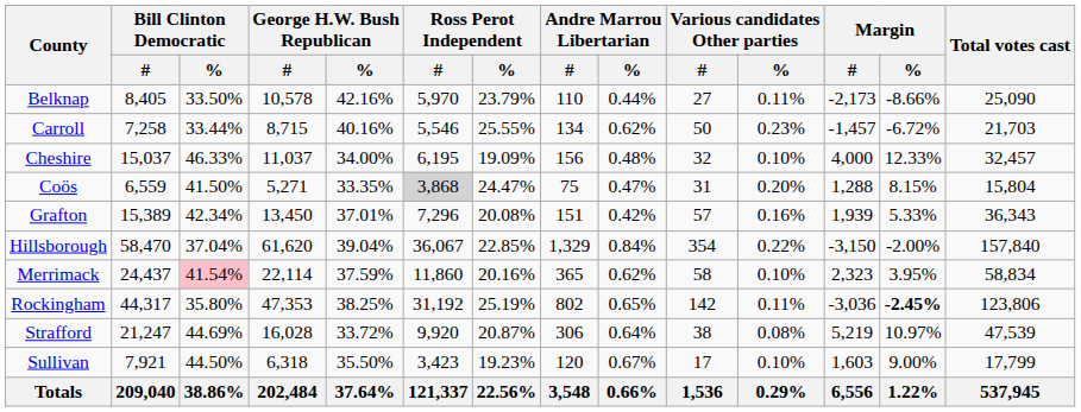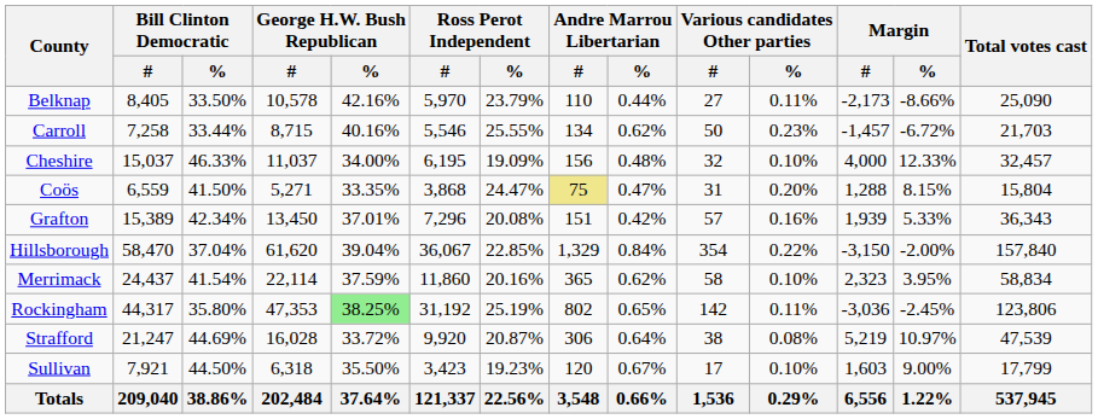 <table class="wikitable sortable">
 <tr>
 <th rowspan="2">County</th>
 <th colspan="2">Bill Clinton<br>Democratic</th>
 <th colspan="2">George H.W. Bush<br>Republican</th>
 <th colspan="2">Ross Perot<br>Independent</th>
 <th colspan="2">Andre Marrou<br>Libertarian</th>
 <th colspan="2">Various candidates<br>Other parties</th>
 <th colspan="2">Margin</th>
 <th rowspan="2">Total votes cast</th>
 </tr>
 <tr bgcolor="lightgrey">
 <th data-sort-type="number">#</th>
 <th data-sort-type="number">%</th>
 <th data-sort-type="number">#</th>
 <th data-sort-type="number">%</th>
 <th data-sort-type="number">#</th>
 <th data-sort-type="number">%</th>
 <th data-sort-type="number">#</th>
 <th data-sort-type="number">%</th>
 <th data-sort-type="number">#</th>
 <th data-sort-type="number">%</th>
 <th data-sort-type="number">#</th>
 <th data-sort-type="number">%</th>
 </tr>
 <tr style="text-align:center;">
 <td><a href='#'>Belknap</a></td>
 <td>8,405</td>
 <td>33.50%</td>
 <td>10,578</td>
 <td>42.16%</td>
 <td>5,970</td>
 <td>23.79%</td>
 <td>110</td>
 <td>0.44%</td>
 <td>27</td>
 <td>0.11%</td>
 <td>-2,173</td>
 <td>-8.66%</td>
 <td>25,090</td>
 </tr>
 <tr style="text-align:center;">
 <td><a href='#'>Carroll</a></td>
 <td>7,258</td>
 <td>33.44%</td>
 <td>8,715</td>
 <td>40.16%</td>
 <td>5,546</td>
 <td>25.55%</td>
 <td>134</td>
 <td>0.62%</td>
 <td>50</td>
 <td>0.23%</td>
 <td>-1,457</td>
 <td>-6.72%</td>
 <td>21,703</td>
 </tr>
 <tr style="text-align:center;">
 <td><a href='#'>Cheshire</a></td>
 <td>15,037</td>
 <td>46.33%</td>
 <td>11,037</td>
 <td>34.00%</td>
 <td>6,195</td>
 <td>19.09%</td>
 <td>156</td>
 <td>0.48%</td>
 <td>32</td>
 <td>0.10%</td>
 <td>4,000</td>
 <td>12.33%</td>
 <td>32,457</td>
 </tr>
 <tr style="text-align:center;">
 <td><a href='#'>Coös</a></td>
 <td>6,559</td>
 <td>41.50%</td>
 <td>5,271</td>
 <td>33.35%</td>
-<td style="background: lightgrey;">3,868</td>
+<td>3,868</td>
 <td>24.47%</td>
-<td>75</td>
+<td style="background: khaki;">75</td>
 <td>0.47%</td>
 <td>31</td>
 <td>0.20%</td>
 <td>1,288</td>
 <td>8.15%</td>
 <td>15,804</td>
 </tr>
 <tr style="text-align:center;">
 <td><a href='#'>Grafton</a></td>
 <td>15,389</td>
 <td>42.34%</td>
 <td>13,450</td>
 <td>37.01%</td>
 <td>7,296</td>
 <td>20.08%</td>
 <td>151</td>
 <td>0.42%</td>
 <td>57</td>
 <td>0.16%</td>
 <td>1,939</td>
 <td>5.33%</td>
 <td>36,343</td>
 </tr>
 <tr style="text-align:center;">
 <td><a href='#'>Hillsborough</a></td>
 <td>58,470</td>
 <td>37.04%</td>
 <td>61,620</td>
 <td>39.04%</td>
 <td>36,067</td>
 <td>22.85%</td>
 <td>1,329</td>
 <td>0.84%</td>
 <td>354</td>
 <td>0.22%</td>
 <td>-3,150</td>
 <td>-2.00%</td>
 <td>157,840</td>
 </tr>
 <tr style="text-align:center;">
 <td><a href='#'>Merrimack</a></td>
 <td>24,437</td>
-<td style="background: pink;">41.54%</td>
+<td>41.54%</td>
 <td>22,114</td>
 <td>37.59%</td>
 <td>11,860</td>
 <td>20.16%</td>
 <td>365</td>
 <td>0.62%</td>
 <td>58</td>
 <td>0.10%</td>
 <td>2,323</td>
 <td>3.95%</td>
 <td>58,834</td>
 </tr>
 <tr style="text-align:center;">
 <td><a href='#'>Rockingham</a></td>
 <td>44,317</td>
 <td>35.80%</td>
 <td>47,353</td>
-<td>38.25%</td>
+<td style="background: lightgreen;">38.25%</td>
 <td>31,192</td>
 <td>25.19%</td>
 <td>802</td>
 <td>0.65%</td>
 <td>142</td>
 <td>0.11%</td>
 <td>-3,036</td>
-<td><strong>-2.45%</strong></td>
+<td>-2.45%</td>
 <td>123,806</td>
 </tr>
 <tr style="text-align:center;">
 <td><a href='#'>Strafford</a></td>
 <td>21,247</td>
 <td>44.69%</td>
 <td>16,028</td>
 <td>33.72%</td>
 <td>9,920</td>
 <td>20.87%</td>
 <td>306</td>
 <td>0.64%</td>
 <td>38</td>
 <td>0.08%</td>
 <td>5,219</td>
 <td>10.97%</td>
 <td>47,539</td>
 </tr>
 <tr style="text-align:center;">
 <td><a href='#'>Sullivan</a></td>
 <td>7,921</td>
 <td>44.50%</td>
 <td>6,318</td>
 <td>35.50%</td>
 <td>3,423</td>
 <td>19.23%</td>
 <td>120</td>
 <td>0.67%</td>
 <td>17</td>
 <td>0.10%</td>
 <td>1,603</td>
 <td>9.00%</td>
 <td>17,799</td>
 </tr>
 <tr>
 <th>Totals</th>
 <th>209,040</th>
 <th>38.86%</th>
 <th>202,484</th>
 <th>37.64%</th>
 <th>121,337</th>
 <th>22.56%</th>
 <th>3,548</th>
 <th>0.66%</th>
 <th>1,536</th>
 <th>0.29%</th>
 <th>6,556</th>
 <th>1.22%</th>
 <th>537,945</th>
 </tr>
 </table>
